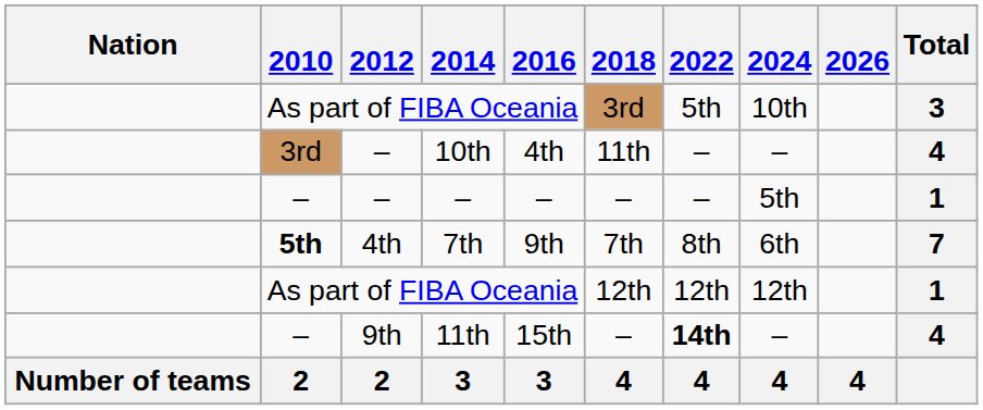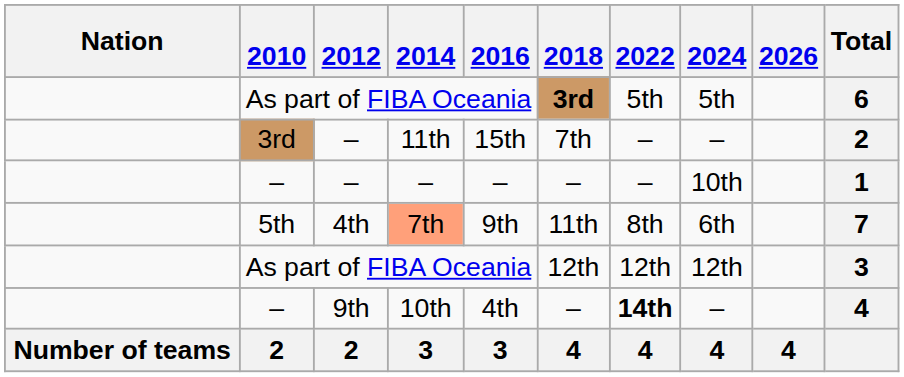 <table class="wikitable" style="text-align:center; font-size:90%">
 <tr>
 <th width=120px>Nation</th>
 <th><br><a href='#'>2010</a></th>
 <th><br><a href='#'>2012</a></th>
 <th><br><a href='#'>2014</a></th>
 <th><br><a href='#'>2016</a></th>
 <th><br><a href='#'>2018</a></th>
 <th><br><a href='#'>2022</a></th>
 <th><br><a href='#'>2024</a></th>
 <th><br><a href='#'>2026</a></th>
 <th>Total</th>
 </tr>
 <tr>
 <td align=left></td>
 <td colspan=4>As part of <a href='#'>FIBA Oceania</a></td>
-<td bgcolor=#cc9966>3rd</td>
+<td bgcolor=#cc9966><strong>3rd</strong></td>
 <td>5th</td>
-<td>10th</td>
+<td>5th</td>
 <td></td>
-<th>3</th>
+<th>6</th>
 </tr>
 <tr>
 <td align=left></td>
 <td bgcolor=#cc9966>3rd</td>
 <td>–</td>
-<td>10th</td>
-<td>4th</td>
 <td>11th</td>
+<td>15th</td>
+<td>7th</td>
 <td>–</td>
 <td>–</td>
 <td></td>
-<th>4</th>
+<th>2</th>
 </tr>
 <tr>
 <td align=left></td>
 <td>–</td>
 <td>–</td>
 <td>–</td>
 <td>–</td>
 <td>–</td>
 <td>–</td>
-<td>5th</td>
+<td>10th</td>
 <td></td>
 <th>1</th>
 </tr>
 <tr>
 <td align=left></td>
-<td><strong>5th</strong></td>
+<td>5th</td>
 <td>4th</td>
-<td>7th</td>
+<td style="background: lightsalmon;">7th</td>
 <td>9th</td>
-<td>7th</td>
+<td>11th</td>
 <td>8th</td>
 <td>6th</td>
 <td></td>
 <th>7</th>
 </tr>
 <tr>
 <td align=left></td>
 <td colspan=4>As part of <a href='#'>FIBA Oceania</a></td>
 <td>12th</td>
 <td>12th</td>
 <td>12th</td>
 <td></td>
-<th>1</th>
+<th>3</th>
 </tr>
 <tr>
 <td align=left></td>
 <td>–</td>
 <td>9th</td>
-<td>11th</td>
-<td>15th</td>
+<td>10th</td>
+<td>4th</td>
 <td>–</td>
 <td><strong>14th</strong></td>
 <td>–</td>
 <td></td>
 <th>4</th>
 </tr>
 <tr>
 <th>Number of teams</th>
 <th>2</th>
 <th>2</th>
 <th>3</th>
 <th>3</th>
 <th>4</th>
 <th>4</th>
 <th>4</th>
 <th>4</th>
 <th></th>
 </tr>
 </table>
